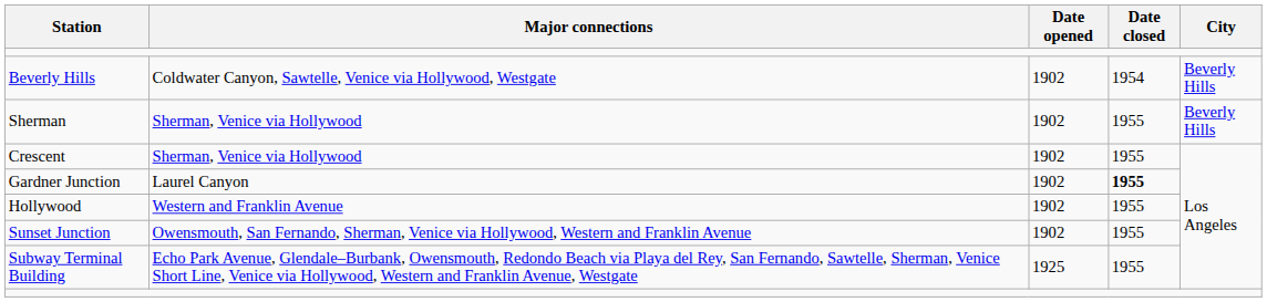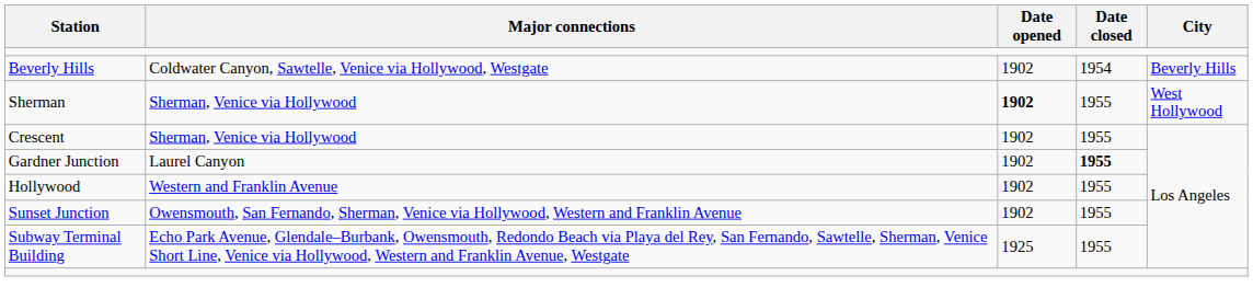 <table class="wikitable">
 <tr>
 <th>Station</th>
 <th>Major connections</th>
 <th>Date opened</th>
 <th>Date closed</th>
 <th>City</th>
 </tr>
 <tr>
 <td colspan = "5"></td>
 </tr>
 <tr>
 <td><a href='#'>Beverly Hills</a></td>
 <td>Coldwater Canyon, <a href='#'>Sawtelle</a>, <a href='#'>Venice via Hollywood</a>, <a href='#'>Westgate</a></td>
 <td>1902</td>
 <td>1954</td>
 <td rowspan=1><a href='#'>Beverly Hills</a></td>
 </tr>
 <tr>
 <td>Sherman</td>
 <td><a href='#'>Sherman</a>, <a href='#'>Venice via Hollywood</a></td>
-<td>1902</td>
+<td><strong>1902</strong></td>
 <td>1955</td>
-<td rowspan=1><a href='#'>Beverly Hills</a></td>
+<td rowspan=1><a href='#'>West Hollywood</a></td>
 </tr>
 <tr>
 <td>Crescent</td>
 <td><a href='#'>Sherman</a>, <a href='#'>Venice via Hollywood</a></td>
 <td>1902</td>
 <td>1955</td>
 <td rowspan=5>Los Angeles</td>
 </tr>
 <tr>
 <td>Gardner Junction</td>
 <td>Laurel Canyon</td>
 <td>1902</td>
 <td><strong>1955</strong></td>
 </tr>
 <tr>
 <td>Hollywood</td>
 <td><a href='#'>Western and Franklin Avenue</a></td>
 <td>1902</td>
 <td>1955</td>
 </tr>
 <tr>
 <td><a href='#'>Sunset Junction</a></td>
 <td><a href='#'>Owensmouth</a>, <a href='#'>San Fernando</a>, <a href='#'>Sherman</a>, <a href='#'>Venice via Hollywood</a>, <a href='#'>Western and Franklin Avenue</a></td>
 <td>1902</td>
 <td>1955</td>
 </tr>
 <tr>
 <td><a href='#'>Subway Terminal Building</a></td>
 <td><a href='#'>Echo Park Avenue</a>, <a href='#'>Glendale–Burbank</a>, <a href='#'>Owensmouth</a>, <a href='#'>Redondo Beach via Playa del Rey</a>, <a href='#'>San Fernando</a>, <a href='#'>Sawtelle</a>, <a href='#'>Sherman</a>, <a href='#'>Venice Short Line</a>, <a href='#'>Venice via Hollywood</a>, <a href='#'>Western and Franklin Avenue</a>, <a href='#'>Westgate</a></td>
 <td>1925</td>
 <td>1955</td>
 </tr>
 <tr>
 <td colspan = "5"></td>
 </tr>
 </table>
